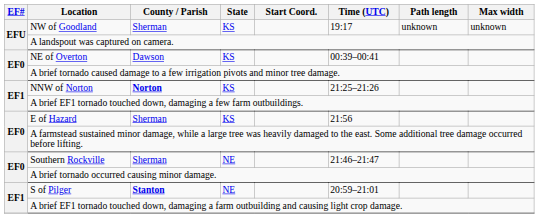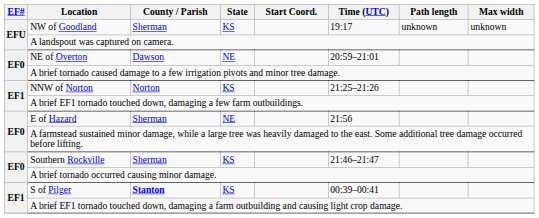 <table class="wikitable sortable" style="width:100%;">
 <tr>
 <th scope="col" width="2%" align="center"><a href='#'>EF#</a></th>
 <th scope="col" align="center" class="unsortable">Location</th>
 <th scope="col" align="center" class="unsortable">County / Parish</th>
 <th scope="col" align="center">State</th>
 <th scope="col" align="center">Start Coord.</th>
 <th scope="col" align="center">Time (<a href='#'>UTC</a>)</th>
 <th scope="col" align="center">Path length</th>
 <th scope="col" align="center">Max width</th>
 </tr>
 <tr>
 <th scope="row" rowspan="2" style="background-color:#">EFU</th>
 <td>NW of <a href='#'>Goodland</a></td>
 <td><a href='#'>Sherman</a></td>
 <td><a href='#'>KS</a></td>
 <td></td>
 <td>19:17</td>
 <td>unknown</td>
 <td>unknown</td>
 </tr>
 <tr class="expand-child">
 <td colspan="8" style=" border-bottom: 1px solid black;">A landspout was captured on camera.</td>
 </tr>
 <tr>
 <th scope="row" rowspan="2" style="background-color:#">EF0</th>
 <td>NE of <a href='#'>Overton</a></td>
 <td><a href='#'>Dawson</a></td>
-<td><a href='#'>KS</a></td>
+<td><a href='#'>NE</a></td>
 <td></td>
-<td>00:39–00:41</td>
+<td>20:59–21:01</td>
 <td></td>
 <td></td>
 </tr>
 <tr class="expand-child">
 <td colspan="8" style=" border-bottom: 1px solid black;">A brief tornado caused damage to a few irrigation pivots and minor tree damage.</td>
 </tr>
 <tr>
 <th scope="row" rowspan="2" style="background-color:#">EF1</th>
 <td>NNW of <a href='#'>Norton</a></td>
-<td><strong><a href='#'>Norton</a></strong></td>
+<td><a href='#'>Norton</a></td>
 <td><a href='#'>KS</a></td>
 <td></td>
 <td>21:25–21:26</td>
 <td></td>
 <td></td>
 </tr>
 <tr class="expand-child">
 <td colspan="8" style=" border-bottom: 1px solid black;">A brief EF1 tornado touched down, damaging a few farm outbuildings.</td>
 </tr>
 <tr>
 <th scope="row" rowspan="2" style="background-color:#">EF0</th>
 <td>E of <a href='#'>Hazard</a></td>
 <td><a href='#'>Sherman</a></td>
-<td><a href='#'>KS</a></td>
+<td><a href='#'>NE</a></td>
 <td></td>
 <td>21:56</td>
 <td></td>
 <td></td>
 </tr>
 <tr class="expand-child">
 <td colspan="8" style=" border-bottom: 1px solid black;">A farmstead sustained minor damage, while a large tree was heavily damaged to the east. Some additional tree damage occurred before lifting.</td>
 </tr>
 <tr>
 <th scope="row" rowspan="2" style="background-color:#">EF0</th>
 <td>Southern <a href='#'>Rockville</a></td>
 <td><a href='#'>Sherman</a></td>
-<td><a href='#'>NE</a></td>
+<td><a href='#'>KS</a></td>
 <td></td>
 <td>21:46–21:47</td>
 <td></td>
 <td></td>
 </tr>
 <tr class="expand-child">
 <td colspan="8" style=" border-bottom: 1px solid black;">A brief tornado occurred causing minor damage.</td>
 </tr>
 <tr>
 <th scope="row" rowspan="2" style="background-color:#">EF1</th>
 <td>S of <a href='#'>Pilger</a></td>
 <td><strong><a href='#'>Stanton</a></strong></td>
-<td><a href='#'>NE</a></td>
+<td><a href='#'>KS</a></td>
 <td></td>
-<td>20:59–21:01</td>
+<td>00:39–00:41</td>
 <td></td>
 <td></td>
 </tr>
 <tr class="expand-child">
 <td colspan="8" style=" border-bottom: 1px solid black;">A brief EF1 tornado touched down, damaging a farm outbuilding and causing light crop damage.</td>
 </tr>
 <tr>
 </tr>
 </table>
